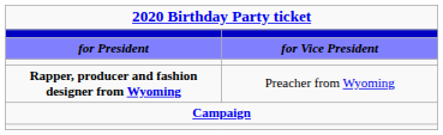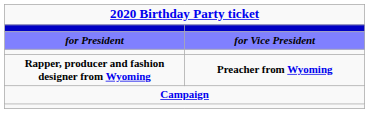 <table class="wikitable" style="font-size:90%; text-align:center">
 <tr>
 <td colspan=2><big><strong><a href='#'>2020 Birthday Party ticket</a></strong></big></td>
 </tr>
 <tr>
 <th style="font-size:135%; background:#0000C4"></th>
 <th style="font-size:135%; background:#0000C4"></th>
 </tr>
 <tr style="color:#000; font-size:100%; background:#8080FF">
 <td><strong><em>for President</em></strong></td>
 <td><strong><em>for Vice President</em></strong></td>
 </tr>
 <tr>
 <td></td>
 <td></td>
 </tr>
 <tr>
 <td style=width:16em><strong>Rapper, producer and fashion designer from <a href='#'>Wyoming</a></strong></td>
-<td style=width:16em>Preacher from <a href='#'>Wyoming</a></td>
+<td style=width:16em><strong>Preacher from <a href='#'>Wyoming</a></strong></td>
 </tr>
 <tr>
 <td colspan=2><a href='#'><strong>Campaign</strong></a></td>
 </tr>
 <tr>
 <td colspan=2></td>
 </tr>
 </table>
